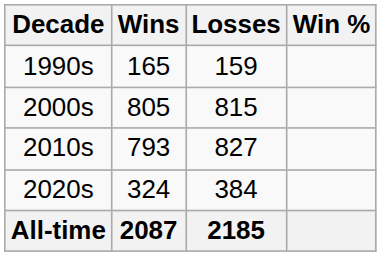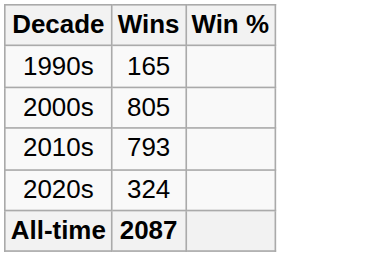 <table class="wikitable" style="text-align:center">
 <tr>
 <th style="text-align:center; ">Decade</th>
 <th style="text-align:center; ">Wins</th>
-<th style="text-align:center; ">Losses</th>
 <th style="text-align:center; ">Win %</th>
 </tr>
 <tr>
 <td>1990s</td>
 <td>165</td>
-<td>159</td>
 <td></td>
 </tr>
 <tr>
 <td>2000s</td>
 <td>805</td>
-<td>815</td>
 <td></td>
 </tr>
 <tr>
 <td>2010s</td>
 <td>793</td>
-<td>827</td>
 <td></td>
 </tr>
 <tr>
 <td>2020s</td>
 <td>324</td>
-<td>384</td>
 <td></td>
 </tr>
 <tr style="background:#f0f0f0; font-weight:bold">
 <th style="text-align:center; ">All-time</th>
 <th style="text-align:center; ">2087</th>
-<th style="text-align:center; ">2185</th>
 <th style="text-align:center; "></th>
 </tr>
 </table>
